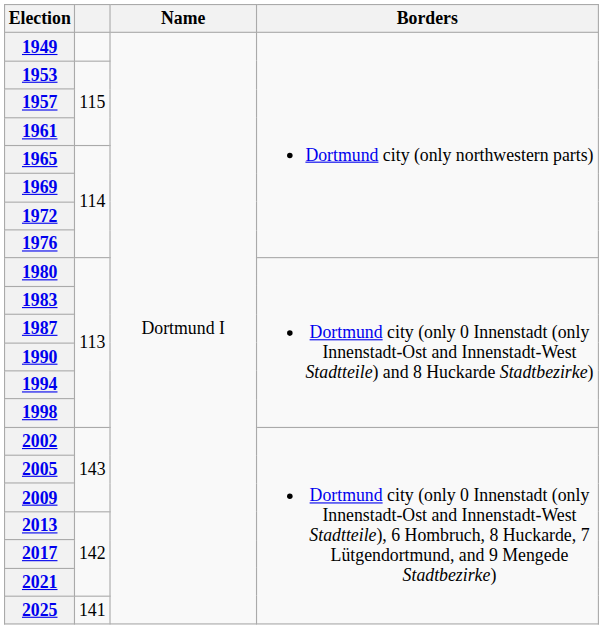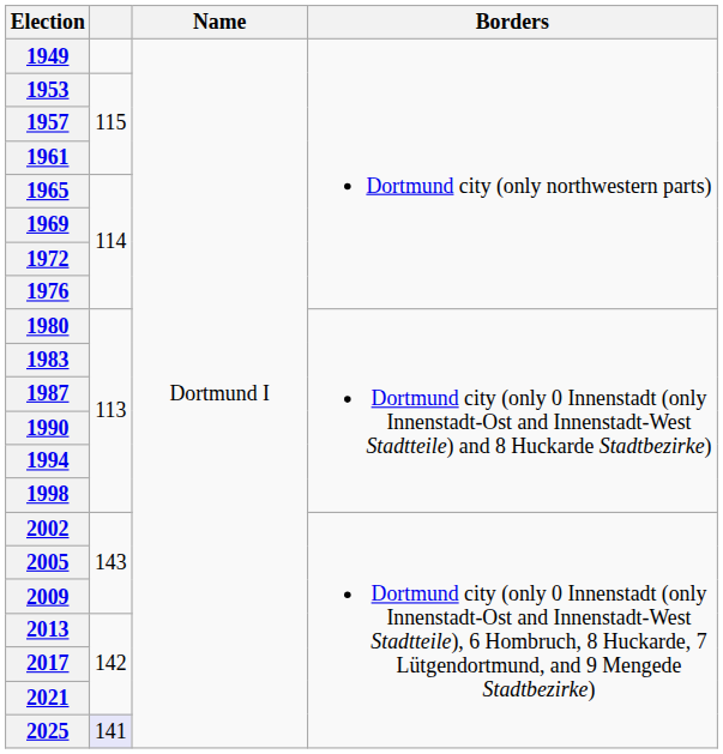 <table class=wikitable style="text-align:center">
 <tr>
 <th>Election</th>
 <th></th>
 <th width=125px>Name</th>
 <th width=300px>Borders</th>
 </tr>
 <tr>
 <th><a href='#'>1949</a></th>
 <td></td>
 <td rowspan=21>Dortmund I</td>
 <td rowspan=8><br><ul><li><a href='#'>Dortmund</a> city (only northwestern parts)</li></ul></td>
 </tr>
 <tr>
 <th><a href='#'>1953</a></th>
 <td rowspan=3>115</td>
 </tr>
 <tr>
 <th><a href='#'>1957</a></th>
 </tr>
 <tr>
 <th><a href='#'>1961</a></th>
 </tr>
 <tr>
 <th><a href='#'>1965</a></th>
 <td rowspan=4>114</td>
 </tr>
 <tr>
 <th><a href='#'>1969</a></th>
 </tr>
 <tr>
 <th><a href='#'>1972</a></th>
 </tr>
 <tr>
 <th><a href='#'>1976</a></th>
 </tr>
 <tr>
 <th><a href='#'>1980</a></th>
 <td rowspan=6>113</td>
 <td rowspan=6><br><ul><li><a href='#'>Dortmund</a> city (only 0 Innenstadt (only Innenstadt-Ost and Innenstadt-West <em>Stadtteile</em>) and 8 Huckarde <em>Stadtbezirke</em>)</li></ul></td>
 </tr>
 <tr>
 <th><a href='#'>1983</a></th>
 </tr>
 <tr>
 <th><a href='#'>1987</a></th>
 </tr>
 <tr>
 <th><a href='#'>1990</a></th>
 </tr>
 <tr>
 <th><a href='#'>1994</a></th>
 </tr>
 <tr>
 <th><a href='#'>1998</a></th>
 </tr>
 <tr>
 <th><a href='#'>2002</a></th>
 <td rowspan=3>143</td>
 <td rowspan=7><br><ul><li><a href='#'>Dortmund</a> city (only 0 Innenstadt (only Innenstadt-Ost and Innenstadt-West <em>Stadtteile</em>), 6 Hombruch, 8 Huckarde, 7 Lütgendortmund, and 9 Mengede <em>Stadtbezirke</em>)</li></ul></td>
 </tr>
 <tr>
 <th><a href='#'>2005</a></th>
 </tr>
 <tr>
 <th><a href='#'>2009</a></th>
 </tr>
 <tr>
 <th><a href='#'>2013</a></th>
 <td rowspan=3>142</td>
 </tr>
 <tr>
 <th><a href='#'>2017</a></th>
 </tr>
 <tr>
 <th><a href='#'>2021</a></th>
 </tr>
 <tr>
 <th><a href='#'>2025</a></th>
-<td>141</td>
+<td style="background: lavender;">141</td>
 </tr>
 </table>
